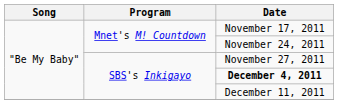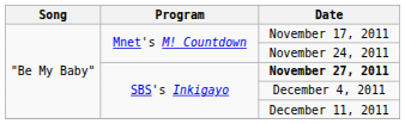 <table class="wikitable" style="text-align:center">
 <tr>
 <th width="100">Song</th>
 <th width="170">Program</th>
 <th width="150">Date</th>
 </tr>
 <tr>
 <td rowspan="5">"Be My Baby"</td>
 <td rowspan="2"><a href='#'>Mnet</a>'s <em><a href='#'>M! Countdown</a></em></td>
 <td>November 17, 2011</td>
 </tr>
 <tr>
 <td>November 24, 2011</td>
 </tr>
 <tr>
 <td rowspan="3"><a href='#'>SBS</a>'s <em><a href='#'>Inkigayo</a></em></td>
-<td>November 27, 2011</td>
+<td><strong>November 27, 2011</strong></td>
 </tr>
 <tr>
-<td><strong>December 4, 2011</strong></td>
+<td>December 4, 2011</td>
 </tr>
 <tr>
 <td>December 11, 2011</td>
 </tr>
 <tr>
 </tr>
 </table>
